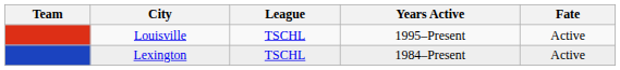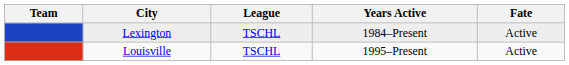 <table class="wikitable sortable" width="60%">
 <tr>
 <th>Team</th>
 <th>City</th>
 <th>League</th>
 <th>Years Active</th>
 <th>Fate</th>
 </tr>
+<tr align=center bgcolor=eeeeee>
+<td style="color:white; background:#1b43bf; "><strong><a href='#'></a></strong></td>
+<td><a href='#'>Lexington</a></td>
+<td><a href='#'>TSCHL</a></td>
+<td>1984–Present</td>
+<td>Active</td>
+</tr>
 <tr align=center>
 <td style="color:white; background:#dd2f16; "><strong><a href='#'></a></strong></td>
 <td><a href='#'>Louisville</a></td>
 <td><a href='#'>TSCHL</a></td>
 <td>1995–Present</td>
 <td>Active</td>
 </tr>
-<tr align=center bgcolor=eeeeee>
-<td style="color:white; background:#1b43bf; "><strong><a href='#'></a></strong></td>
-<td><a href='#'>Lexington</a></td>
-<td><a href='#'>TSCHL</a></td>
-<td>1984–Present</td>
-<td>Active</td>
-</tr>
 </table>
